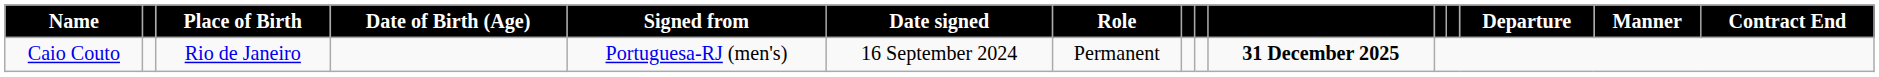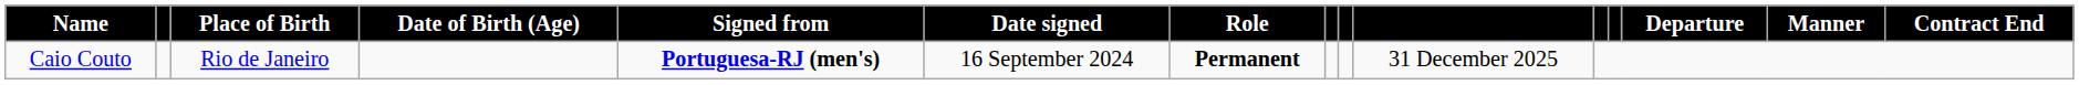 <table class="wikitable" style="text-align:center; font-size:85%; width:100%;">
 <tr>
 <th style="background:#000; color:#fff; text-align:center;">Name</th>
 <th style="background:#000; color:#fff; text-align:center;"></th>
 <th style="background:#000; color:#fff; text-align:center;">Place of Birth</th>
 <th style="background:#000; color:#fff; text-align:center;">Date of Birth (Age)</th>
 <th style="background:#000; color:#fff; text-align:center;">Signed from</th>
 <th style="background:#000; color:#fff; text-align:center;">Date signed</th>
 <th style="background:#000; color:#fff; text-align:center;">Role</th>
 <th style="background:#000; color:#fff; text-align:center;"></th>
 <th style="background:#000; color:#fff; text-align:center;"></th>
 <th style="background:#000; color:#fff; text-align:center;"></th>
 <th style="background:#000; color:#fff; text-align:center;"></th>
 <th style="background:#000; color:#fff; text-align:center;"></th>
 <th style="background:#000; color:#fff; text-align:center;">Departure</th>
 <th style="background:#000; color:#fff; text-align:center;">Manner</th>
 <th style="background:#000; color:#fff; text-align:center;">Contract End</th>
 </tr>
 <tr>
 <td><a href='#'>Caio Couto</a></td>
 <td></td>
 <td><a href='#'>Rio de Janeiro</a> </td>
 <td></td>
-<td><a href='#'>Portuguesa-RJ</a> (men's)</td>
+<td><strong><a href='#'>Portuguesa-RJ</a> (men's)</strong></td>
 <td>16 September 2024</td>
-<td>Permanent<br></td>
+<td><strong>Permanent<br></strong></td>
 <td></td>
 <td></td>
-<td><strong>31 December 2025</strong></td>
+<td>31 December 2025</td>
 </tr>
 </table>
